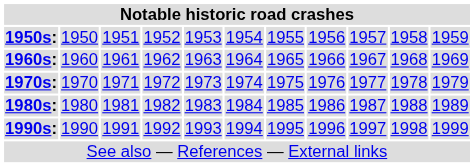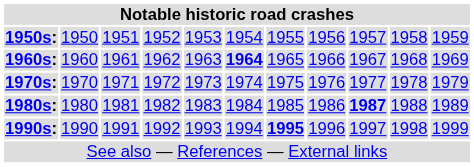 <table>
 <tr>
 <th style="background:#ddd; text-align:center;" colspan="11">Notable historic road crashes</th>
 </tr>
 <tr>
 <th style="background:#ddd; text-align:right;"><a href='#'>1950s</a>:</th>
 <td style="background:#ddd;"><a href='#'>1950</a></td>
 <td style="background:#ddd;"><a href='#'>1951</a></td>
 <td style="background:#ddd;"><a href='#'>1952</a></td>
 <td style="background:#ddd;"><a href='#'>1953</a></td>
 <td style="background:#ddd;"><a href='#'>1954</a></td>
 <td style="background:#ddd;"><a href='#'>1955</a></td>
 <td style="background:#ddd;"><a href='#'>1956</a></td>
 <td style="background:#ddd;"><a href='#'>1957</a></td>
 <td style="background:#ddd;"><a href='#'>1958</a></td>
 <td style="background:#ddd;"><a href='#'>1959</a></td>
 </tr>
 <tr>
 <th style="background:#ddd; text-align:right;"><a href='#'>1960s</a>:</th>
 <td style="background:#ddd;"><a href='#'>1960</a></td>
 <td style="background:#ddd;"><a href='#'>1961</a></td>
 <td style="background:#ddd;"><a href='#'>1962</a></td>
 <td style="background:#ddd;"><a href='#'>1963</a></td>
-<td style="background:#ddd;"><a href='#'>1964</a></td>
+<td style="background:#ddd;"><strong><a href='#'>1964</a></strong></td>
 <td style="background:#ddd;"><a href='#'>1965</a></td>
 <td style="background:#ddd;"><a href='#'>1966</a></td>
 <td style="background:#ddd;"><a href='#'>1967</a></td>
 <td style="background:#ddd;"><a href='#'>1968</a></td>
 <td style="background:#ddd;"><a href='#'>1969</a></td>
 </tr>
 <tr>
 <th style="background:#ddd; text-align:right;"><a href='#'>1970s</a>:</th>
 <td style="background:#ddd;"><a href='#'>1970</a></td>
 <td style="background:#ddd;"><a href='#'>1971</a></td>
 <td style="background:#ddd;"><a href='#'>1972</a></td>
 <td style="background:#ddd;"><a href='#'>1973</a></td>
 <td style="background:#ddd;"><a href='#'>1974</a></td>
 <td style="background:#ddd;"><a href='#'>1975</a></td>
 <td style="background:#ddd;"><a href='#'>1976</a></td>
 <td style="background:#ddd;"><a href='#'>1977</a></td>
 <td style="background:#ddd;"><a href='#'>1978</a></td>
 <td style="background:#ddd;"><a href='#'>1979</a></td>
 </tr>
 <tr>
 <th style="background:#ddd; text-align:right;"><a href='#'>1980s</a>:</th>
 <td style="background:#ddd;"><a href='#'>1980</a></td>
 <td style="background:#ddd;"><a href='#'>1981</a></td>
 <td style="background:#ddd;"><a href='#'>1982</a></td>
 <td style="background:#ddd;"><a href='#'>1983</a></td>
 <td style="background:#ddd;"><a href='#'>1984</a></td>
 <td style="background:#ddd;"><a href='#'>1985</a></td>
 <td style="background:#ddd;"><a href='#'>1986</a></td>
-<td style="background:#ddd;"><a href='#'>1987</a></td>
+<td style="background:#ddd;"><strong><a href='#'>1987</a></strong></td>
 <td style="background:#ddd;"><a href='#'>1988</a></td>
 <td style="background:#ddd;"><a href='#'>1989</a></td>
 </tr>
 <tr>
 <th style="background:#ddd; text-align:right;"><a href='#'>1990s</a>:</th>
 <td style="background:#ddd;"><a href='#'>1990</a></td>
 <td style="background:#ddd;"><a href='#'>1991</a></td>
 <td style="background:#ddd;"><a href='#'>1992</a></td>
 <td style="background:#ddd;"><a href='#'>1993</a></td>
 <td style="background:#ddd;"><a href='#'>1994</a></td>
-<td style="background:#ddd;"><a href='#'>1995</a></td>
+<td style="background:#ddd;"><strong><a href='#'>1995</a></strong></td>
 <td style="background:#ddd;"><a href='#'>1996</a></td>
 <td style="background:#ddd;"><a href='#'>1997</a></td>
 <td style="background:#ddd;"><a href='#'>1998</a></td>
 <td style="background:#ddd;"><a href='#'>1999</a></td>
 </tr>
 <tr>
 <td style="background:#ddd; text-align:center;" colspan="11"><a href='#'>See also</a> — <a href='#'>References</a> — <a href='#'>External links</a></td>
 </tr>
 </table>
